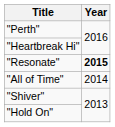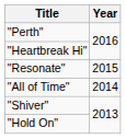 <table class="wikitable">
 <tr>
 <th style="text-align: center; font-weight: bold;">Title</th>
 <th style="text-align: center; font-weight: bold;">Year</th>
 </tr>
 <tr>
 <td>"Perth"</td>
 <td rowspan="2">2016</td>
 </tr>
 <tr>
 <td>"Heartbreak Hi"</td>
 </tr>
 <tr>
 <td>"Resonate"</td>
-<td><strong>2015</strong></td>
+<td>2015</td>
 </tr>
 <tr>
 <td>"All of Time"</td>
 <td>2014</td>
 </tr>
 <tr>
 <td>"Shiver"</td>
 <td rowspan="2">2013</td>
 </tr>
 <tr>
 <td>"Hold On"</td>
 </tr>
 </table>
